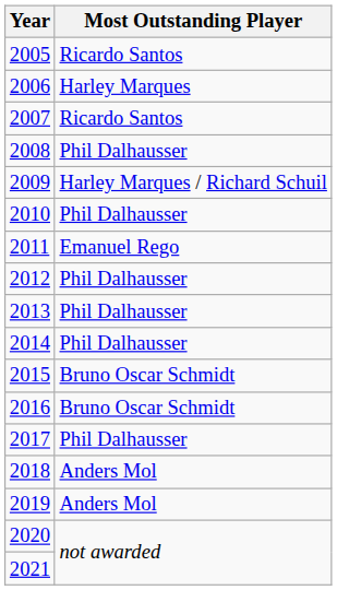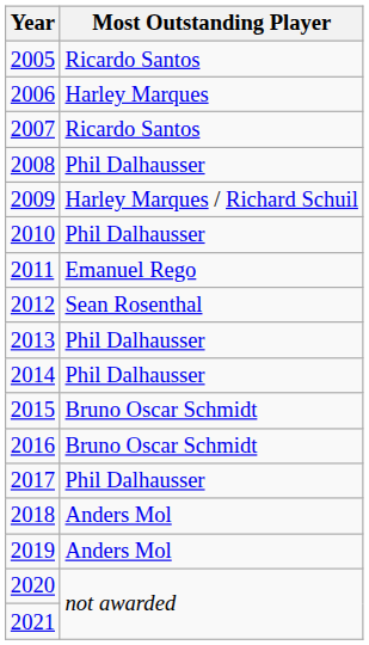 <table class="wikitable sortable" style="display:inline-table;">
 <tr>
 <th>Year</th>
 <th>Most Outstanding Player</th>
 </tr>
 <tr>
 <td><a href='#'>2005</a></td>
 <td> <a href='#'>Ricardo Santos</a> </td>
 </tr>
 <tr>
 <td><a href='#'>2006</a></td>
 <td> <a href='#'>Harley Marques</a> </td>
 </tr>
 <tr>
 <td><a href='#'>2007</a></td>
 <td> <a href='#'>Ricardo Santos</a> </td>
 </tr>
 <tr>
 <td><a href='#'>2008</a></td>
 <td> <a href='#'>Phil Dalhausser</a> </td>
 </tr>
 <tr>
 <td><a href='#'>2009</a></td>
 <td> <a href='#'>Harley Marques</a>  /  <a href='#'>Richard Schuil</a></td>
 </tr>
 <tr>
 <td><a href='#'>2010</a></td>
 <td> <a href='#'>Phil Dalhausser</a> </td>
 </tr>
 <tr>
 <td><a href='#'>2011</a></td>
 <td> <a href='#'>Emanuel Rego</a> </td>
 </tr>
 <tr>
 <td><a href='#'>2012</a></td>
-<td> <a href='#'>Phil Dalhausser</a> </td>
+<td> <a href='#'>Sean Rosenthal</a></td>
 </tr>
 <tr>
 <td><a href='#'>2013</a></td>
 <td> <a href='#'>Phil Dalhausser</a> </td>
 </tr>
 <tr>
 <td><a href='#'>2014</a></td>
 <td> <a href='#'>Phil Dalhausser</a> </td>
 </tr>
 <tr>
 <td><a href='#'>2015</a></td>
 <td> <a href='#'>Bruno Oscar Schmidt</a> </td>
 </tr>
 <tr>
 <td><a href='#'>2016</a></td>
 <td> <a href='#'>Bruno Oscar Schmidt</a> </td>
 </tr>
 <tr>
 <td><a href='#'>2017</a></td>
 <td> <a href='#'>Phil Dalhausser</a> </td>
 </tr>
 <tr>
 <td><a href='#'>2018</a></td>
 <td> <a href='#'>Anders Mol</a> </td>
 </tr>
 <tr>
 <td><a href='#'>2019</a></td>
 <td> <a href='#'>Anders Mol</a> </td>
 </tr>
 <tr>
 <td><a href='#'>2020</a></td>
 <td rowspan=2><em>not awarded</em></td>
 </tr>
 <tr>
 <td><a href='#'>2021</a></td>
 </tr>
 </table>
